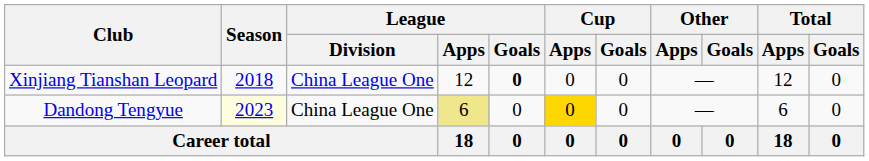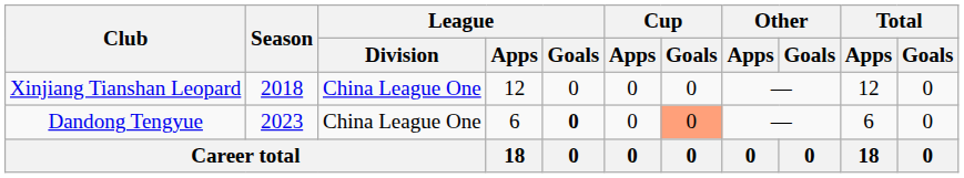 <table class="wikitable" style="text-align: center">
 <tr>
 <th rowspan="2">Club</th>
 <th rowspan="2">Season</th>
 <th colspan="3">League</th>
 <th colspan="2">Cup</th>
 <th colspan="2">Other</th>
 <th colspan="2">Total</th>
 </tr>
 <tr>
 <th>Division</th>
 <th>Apps</th>
 <th>Goals</th>
 <th>Apps</th>
 <th>Goals</th>
 <th>Apps</th>
 <th>Goals</th>
 <th>Apps</th>
 <th>Goals</th>
 </tr>
 <tr>
 <td><a href='#'>Xinjiang Tianshan Leopard</a></td>
 <td><a href='#'>2018</a></td>
 <td><a href='#'>China League One</a></td>
 <td>12</td>
-<td><strong>0</strong></td>
+<td>0</td>
 <td>0</td>
 <td>0</td>
 <td colspan="2">—</td>
 <td>12</td>
 <td>0</td>
 </tr>
 <tr>
 <td><a href='#'>Dandong Tengyue</a></td>
-<td style="background: lightyellow;"><a href='#'>2023</a></td>
+<td><a href='#'>2023</a></td>
 <td>China League One</td>
-<td style="background: khaki;">6</td>
+<td>6</td>
+<td><strong>0</strong></td>
 <td>0</td>
-<td style="background: gold;">0</td>
-<td>0</td>
+<td style="background: lightsalmon;">0</td>
 <td colspan="2">—</td>
 <td>6</td>
 <td>0</td>
 </tr>
 <tr>
 <th colspan="3"><strong>Career total</strong></th>
 <th>18</th>
 <th>0</th>
 <th>0</th>
 <th>0</th>
 <th>0</th>
 <th>0</th>
 <th>18</th>
 <th>0</th>
 </tr>
 </table>
